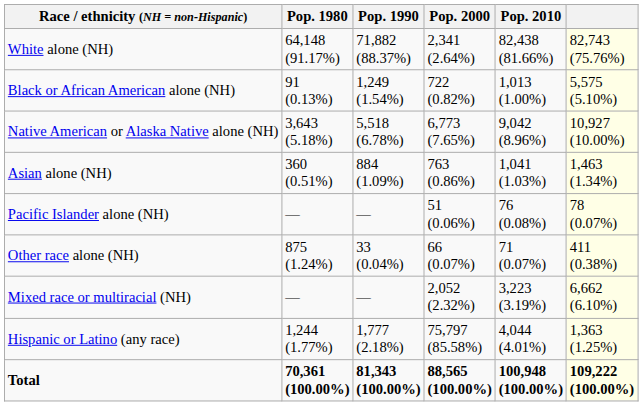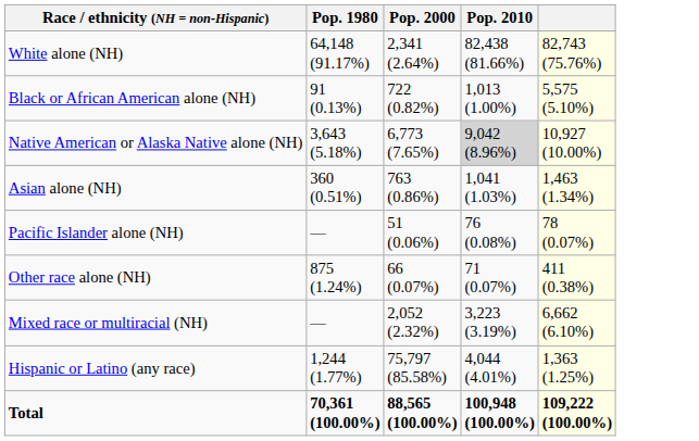 <table class="wikitable sortable collapsible" style="font-size: 95%;">
 <tr>
 <th>Race / ethnicity <small>(<em>NH = non-Hispanic</em>)</small></th>
 <th>Pop. 1980</th>
-<th>Pop. 1990</th>
 <th>Pop. 2000</th>
 <th>Pop. 2010</th>
 <th></th>
 </tr>
 <tr>
 <td><a href='#'>White</a> alone (NH)</td>
 <td>64,148<br>(91.17%)</td>
-<td>71,882<br>(88.37%)</td>
 <td>2,341<br>(2.64%)</td>
 <td>82,438<br>(81.66%)</td>
 <td style='background: #ffffe6;'>82,743<br>(75.76%)</td>
 </tr>
 <tr>
 <td><a href='#'>Black or African American</a> alone (NH)</td>
 <td>91<br>(0.13%)</td>
-<td>1,249<br>(1.54%)</td>
 <td>722<br>(0.82%)</td>
 <td>1,013<br>(1.00%)</td>
 <td style='background: #ffffe6;'>5,575<br>(5.10%)</td>
 </tr>
 <tr>
 <td><a href='#'>Native American</a> or <a href='#'>Alaska Native</a> alone (NH)</td>
 <td>3,643<br>(5.18%)</td>
-<td>5,518<br>(6.78%)</td>
 <td>6,773<br>(7.65%)</td>
-<td>9,042<br>(8.96%)</td>
+<td style="background: lightgrey;">9,042<br>(8.96%)</td>
 <td style='background: #ffffe6;'>10,927<br>(10.00%)</td>
 </tr>
 <tr>
 <td><a href='#'>Asian</a> alone (NH)</td>
 <td>360<br>(0.51%)</td>
-<td>884<br>(1.09%)</td>
 <td>763<br>(0.86%)</td>
 <td>1,041<br>(1.03%)</td>
 <td style='background: #ffffe6;'>1,463<br>(1.34%)</td>
 </tr>
 <tr>
 <td><a href='#'>Pacific Islander</a> alone (NH)</td>
-<td>—</td>
 <td>—</td>
 <td>51<br>(0.06%)</td>
 <td>76<br>(0.08%)</td>
 <td style='background: #ffffe6;'>78<br>(0.07%)</td>
 </tr>
 <tr>
 <td><a href='#'>Other race</a> alone (NH)</td>
 <td>875<br>(1.24%)</td>
-<td>33<br>(0.04%)</td>
 <td>66<br>(0.07%)</td>
 <td>71<br>(0.07%)</td>
 <td style='background: #ffffe6;'>411<br>(0.38%)</td>
 </tr>
 <tr>
 <td><a href='#'>Mixed race or multiracial</a> (NH)</td>
-<td>—</td>
 <td>—</td>
 <td>2,052<br>(2.32%)</td>
 <td>3,223<br>(3.19%)</td>
 <td style='background: #ffffe6;'>6,662<br>(6.10%)</td>
 </tr>
 <tr>
 <td><a href='#'>Hispanic or Latino</a> (any race)</td>
 <td>1,244<br>(1.77%)</td>
-<td>1,777<br>(2.18%)</td>
 <td>75,797<br>(85.58%)</td>
 <td>4,044<br>(4.01%)</td>
 <td style='background: #ffffe6;'>1,363<br>(1.25%)</td>
 </tr>
 <tr>
 <td><strong>Total</strong></td>
 <td><strong>70,361<br>(100.00%)</strong></td>
-<td><strong>81,343<br>(100.00%)</strong></td>
 <td><strong>88,565<br>(100.00%)</strong></td>
 <td><strong>100,948<br>(100.00%)</strong></td>
 <td style='background: #ffffe6;'><strong>109,222<br>(100.00%)</strong></td>
 </tr>
 </table>
